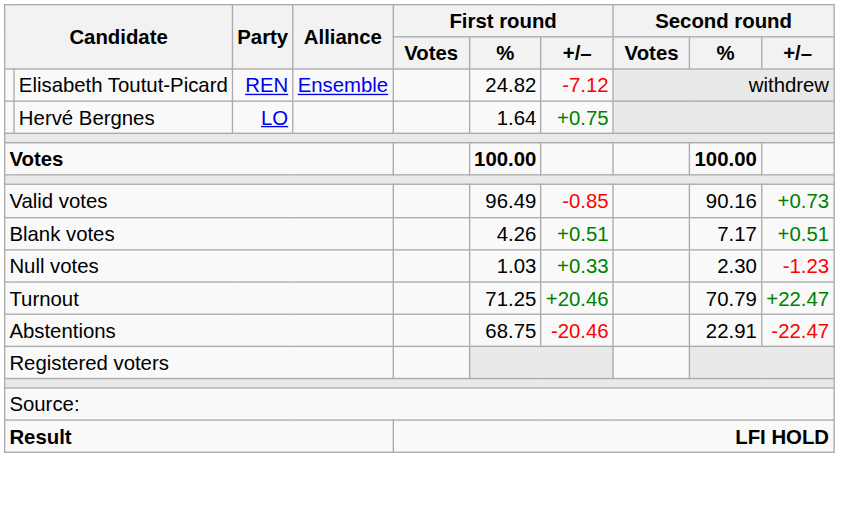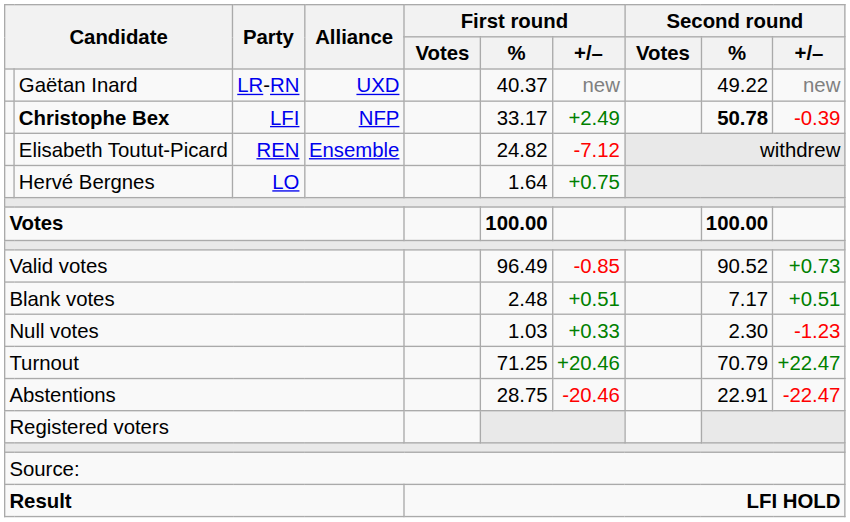 <table class="wikitable" style="text-align:right;font-size:95%;">
 <tr>
 <th rowspan="2" colspan="2">Candidate</th>
 <th colspan="1" rowspan="2">Party</th>
 <th colspan="1" rowspan="2">Alliance</th>
 <th colspan="3">First round</th>
 <th colspan="3">Second round</th>
 </tr>
 <tr>
 <th style="width:50px;">Votes</th>
 <th style="width:45px;">%</th>
 <th style="width:45px;">+/–</th>
 <th style="width:50px;">Votes</th>
 <th style="width:45px;">%</th>
 <th style="width:45px;">+/–</th>
+</tr>
+<tr>
+<td style="color:inherit;background:"></td>
+<td style="text-align:left;">Gaëtan Inard</td>
+<td><a href='#'>LR</a>-<a href='#'>RN</a></td>
+<td><a href='#'>UXD</a></td>
+<td></td>
+<td>40.37</td>
+<td style="color:grey;">new</td>
+<td></td>
+<td>49.22</td>
+<td style="color:grey;">new</td>
+</tr>
+<tr>
+<td style="color:inherit;background:"></td>
+<td style="text-align:left;"><strong>Christophe Bex</strong></td>
+<td><a href='#'>LFI</a></td>
+<td><a href='#'>NFP</a></td>
+<td></td>
+<td>33.17</td>
+<td style="color:green;">+2.49</td>
+<td><strong></strong></td>
+<td><strong>50.78</strong></td>
+<td style="color:red;">-0.39</td>
 </tr>
 <tr>
 <td style="color:inherit;background:"></td>
 <td style="text-align:left;">Elisabeth Toutut-Picard</td>
 <td><a href='#'>REN</a></td>
 <td><a href='#'>Ensemble</a></td>
 <td></td>
 <td>24.82</td>
 <td style="color:red;">-7.12</td>
 <td colspan="3" rowspan="1" style="background:#E9E9E9;">withdrew</td>
 </tr>
 <tr>
 <td style="color:inherit;background:"></td>
 <td style="text-align:left;">Hervé Bergnes</td>
 <td><a href='#'>LO</a></td>
 <td></td>
 <td></td>
 <td>1.64</td>
 <td style="color:green;">+0.75</td>
 <td colspan="3" rowspan="1" style="background:#E9E9E9;"></td>
 </tr>
 <tr>
 <td colspan="10" style="background:#E9E9E9;"></td>
 </tr>
 <tr style="font-weight:bold;">
 <td colspan="4" style="text-align:left;">Votes</td>
 <td></td>
 <td>100.00</td>
 <td></td>
 <td></td>
 <td>100.00</td>
 <td></td>
 </tr>
 <tr>
 <td colspan="10" style="background:#E9E9E9;"></td>
 </tr>
 <tr>
 <td colspan="4" style="text-align:left;">Valid votes</td>
 <td></td>
 <td>96.49</td>
 <td style="color:red;">-0.85</td>
 <td></td>
-<td>90.16</td>
+<td>90.52</td>
 <td style="color:green;">+0.73</td>
 </tr>
 <tr>
 <td colspan="4" style="text-align:left;">Blank votes</td>
 <td></td>
-<td>4.26</td>
+<td>2.48</td>
 <td style="color:green;">+0.51</td>
 <td></td>
 <td>7.17</td>
 <td style="color:green;">+0.51</td>
 </tr>
 <tr>
 <td colspan="4" style="text-align:left;">Null votes</td>
 <td></td>
 <td>1.03</td>
 <td style="color:green;">+0.33</td>
 <td></td>
 <td>2.30</td>
 <td style="color:red;">-1.23</td>
 </tr>
 <tr>
 <td colspan="4" style="text-align:left;">Turnout</td>
 <td></td>
 <td>71.25</td>
 <td style="color:green;">+20.46</td>
 <td></td>
 <td>70.79</td>
 <td style="color:green;">+22.47</td>
 </tr>
 <tr>
 <td colspan="4" style="text-align:left;">Abstentions</td>
 <td></td>
-<td>68.75</td>
+<td>28.75</td>
 <td style="color:red;">-20.46</td>
 <td></td>
 <td>22.91</td>
 <td style="color:red;">-22.47</td>
 </tr>
 <tr>
 <td colspan="4" style="text-align:left;">Registered voters</td>
 <td></td>
 <td colspan="2" style="background:#E9E9E9;"></td>
 <td></td>
 <td colspan="2" style="background:#E9E9E9;"></td>
 </tr>
 <tr>
 <td colspan="10" style="background:#E9E9E9;"></td>
 </tr>
 <tr>
 <td colspan="10" style="text-align:left;">Source: </td>
 </tr>
 <tr style="font-weight:bold">
 <td colspan="4" style="text-align:left;">Result</td>
 <td colspan="6" style="background-color:">LFI HOLD</td>
 </tr>
 </table>
